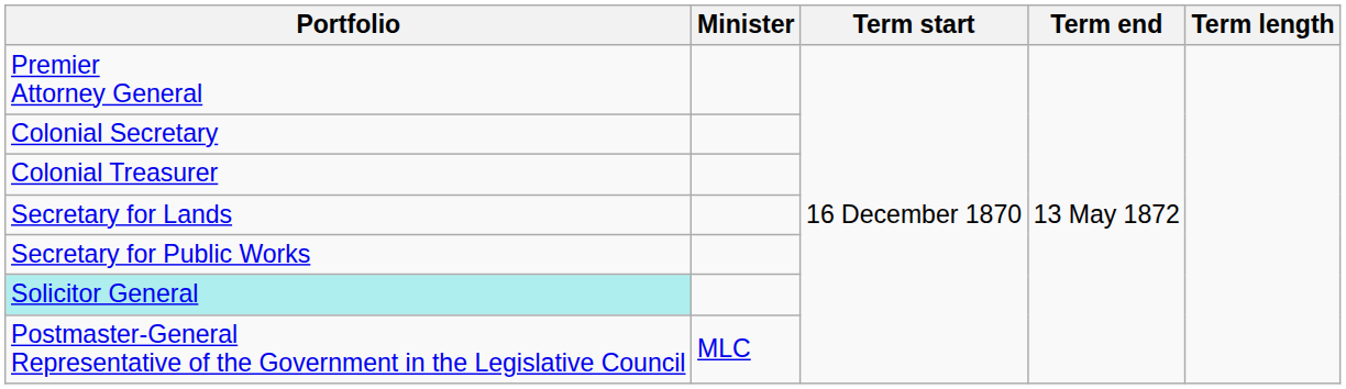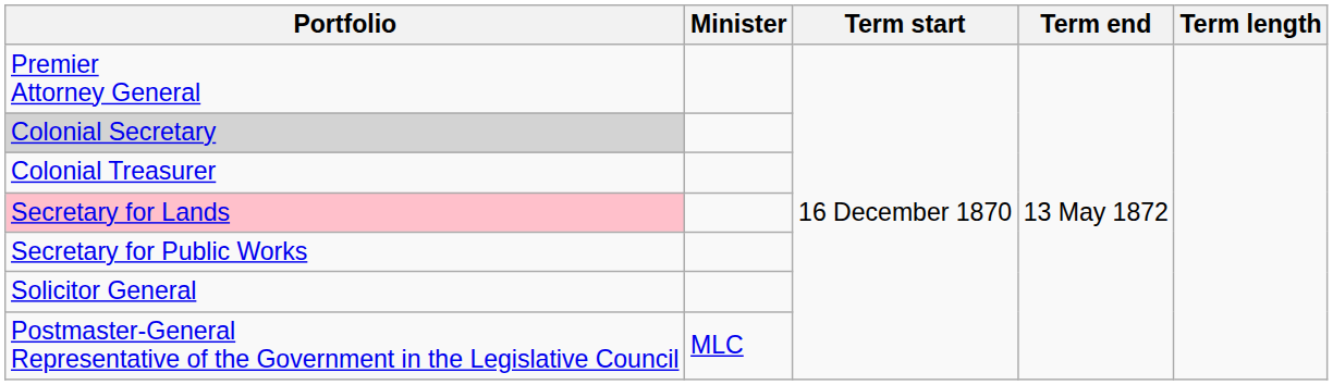 <table class="wikitable sortable">
 <tr>
 <th>Portfolio</th>
 <th>Minister</th>
 <th>Term start</th>
 <th>Term end</th>
 <th>Term length</th>
 </tr>
 <tr>
 <td><a href='#'>Premier</a><br><a href='#'>Attorney General</a></td>
 <td></td>
 <td rowspan="7" align="center">16 December 1870</td>
 <td rowspan="7" align="center">13 May 1872</td>
 <td rowspan="7" align="center"></td>
 </tr>
 <tr>
-<td><a href='#'>Colonial Secretary</a></td>
+<td style="background: lightgrey;"><a href='#'>Colonial Secretary</a></td>
 <td></td>
 </tr>
 <tr>
 <td><a href='#'>Colonial Treasurer</a></td>
 <td></td>
 </tr>
 <tr>
-<td><a href='#'>Secretary for Lands</a></td>
+<td style="background: pink;"><a href='#'>Secretary for Lands</a></td>
 <td></td>
 </tr>
 <tr>
 <td><a href='#'>Secretary for Public Works</a></td>
 <td></td>
 </tr>
 <tr>
-<td style="background: paleturquoise;"><a href='#'>Solicitor General</a></td>
+<td><a href='#'>Solicitor General</a></td>
 <td></td>
 </tr>
 <tr>
 <td><a href='#'>Postmaster-General</a><br><a href='#'>Representative of the Government in the Legislative Council</a></td>
 <td> <a href='#'>MLC</a></td>
 </tr>
 </table>
